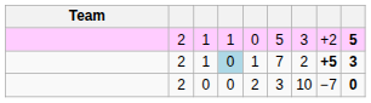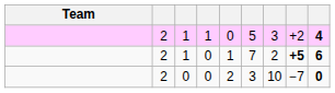 <table class="wikitable" style="text-align: center;">
 <tr>
 <th width="175">Team</th>
 <th width="20"></th>
 <th width="20"></th>
 <th width="20"></th>
 <th width="20"></th>
 <th width="20"></th>
 <th width="20"></th>
 <th width="20"></th>
 <th width="20"></th>
 </tr>
 <tr bgcolor="#ffccff">
 <td align=left></td>
 <td>2</td>
 <td>1</td>
 <td>1</td>
 <td>0</td>
 <td>5</td>
 <td>3</td>
 <td>+2</td>
-<td><strong>5</strong></td>
+<td><strong>4</strong></td>
 </tr>
 <tr>
 <td align=left></td>
 <td>2</td>
 <td>1</td>
-<td style="background: lightblue;">0</td>
+<td>0</td>
 <td>1</td>
 <td>7</td>
 <td>2</td>
 <td><strong>+5</strong></td>
-<td><strong>3</strong></td>
+<td><strong>6</strong></td>
 </tr>
 <tr>
 <td align=left></td>
 <td>2</td>
 <td>0</td>
 <td>0</td>
 <td>2</td>
 <td>3</td>
 <td>10</td>
 <td>−7</td>
 <td><strong>0</strong></td>
 </tr>
 </table>
